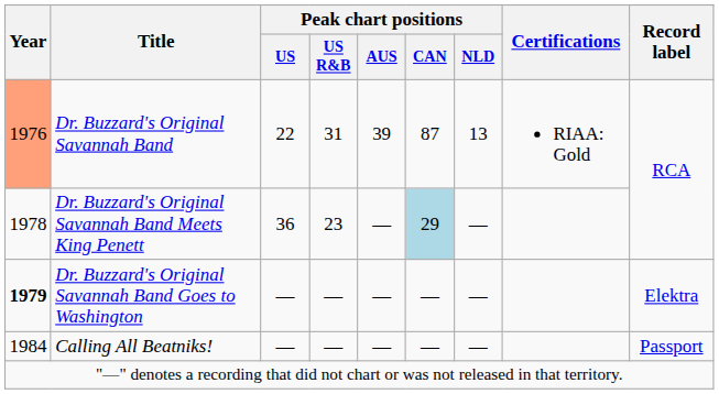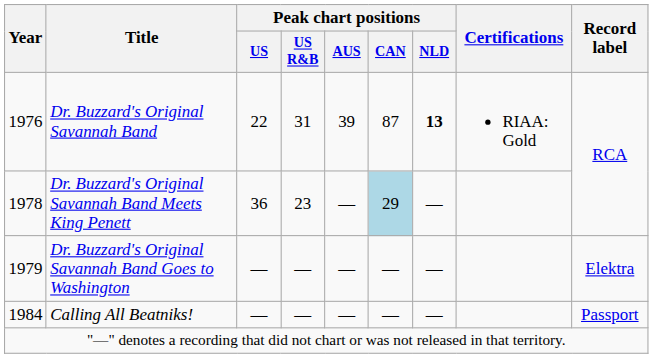 <table class="wikitable" style="text-align:center;">
 <tr>
 <th rowspan="2">Year</th>
 <th rowspan="2">Title</th>
 <th colspan="5">Peak chart positions</th>
 <th rowspan="2"><a href='#'>Certifications</a></th>
 <th rowspan="2">Record label</th>
 </tr>
 <tr style="font-size:smaller;">
 <th width="35"><a href='#'>US</a><br></th>
 <th width="35"><a href='#'>US<br>R&B</a><br></th>
 <th width="35"><a href='#'>AUS</a><br></th>
 <th width="35"><a href='#'>CAN</a><br></th>
 <th width="35"><a href='#'>NLD</a><br></th>
 </tr>
 <tr>
-<td style="background: lightsalmon;">1976</td>
+<td>1976</td>
 <td align="left"><em><a href='#'>Dr. Buzzard's Original Savannah Band</a></em></td>
 <td>22</td>
 <td>31</td>
 <td>39</td>
 <td>87</td>
-<td>13</td>
+<td><strong>13</strong></td>
 <td align=left><br><ul><li>RIAA: Gold</li></ul></td>
 <td rowspan="2"><a href='#'>RCA</a></td>
 </tr>
 <tr>
 <td>1978</td>
 <td align="left"><em><a href='#'>Dr. Buzzard's Original Savannah Band Meets King Penett</a></em></td>
 <td>36</td>
 <td>23</td>
 <td>—</td>
 <td style="background: lightblue;">29</td>
 <td>—</td>
 <td align=left></td>
 </tr>
 <tr>
-<td><strong>1979</strong></td>
+<td>1979</td>
 <td align="left"><em><a href='#'>Dr. Buzzard's Original Savannah Band Goes to Washington</a></em></td>
 <td>—</td>
 <td>—</td>
 <td>—</td>
 <td>—</td>
 <td>—</td>
 <td align=left></td>
 <td><a href='#'>Elektra</a></td>
 </tr>
 <tr>
 <td>1984</td>
 <td align="left"><em>Calling All Beatniks!</em></td>
 <td>—</td>
 <td>—</td>
 <td>—</td>
 <td>—</td>
 <td>—</td>
 <td align=left></td>
 <td><a href='#'>Passport</a></td>
 </tr>
 <tr>
 <td colspan="15" style="font-size:90%">"—" denotes a recording that did not chart or was not released in that territory.</td>
 </tr>
 </table>
